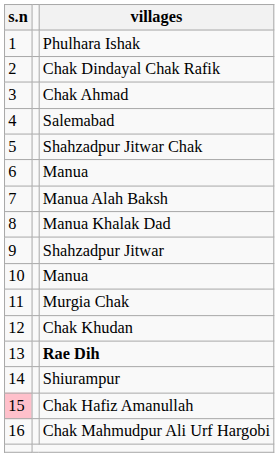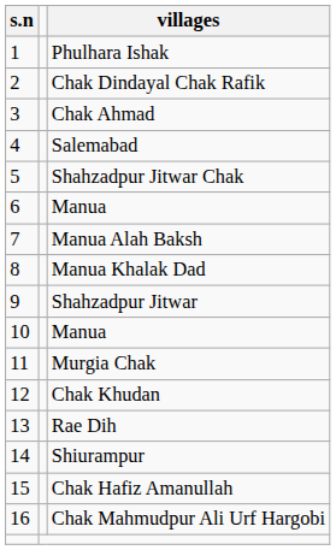 <table class="wikitable">
 <tr>
 <th>s.n</th>
 <td></td>
 <th>villages</th>
 </tr>
 <tr>
 <td>1</td>
 <td></td>
 <td>Phulhara Ishak</td>
 </tr>
 <tr>
 <td>2</td>
 <td></td>
 <td>Chak Dindayal Chak Rafik</td>
 </tr>
 <tr>
 <td>3</td>
 <td></td>
 <td>Chak Ahmad</td>
 </tr>
 <tr>
 <td>4</td>
 <td></td>
 <td>Salemabad</td>
 </tr>
 <tr>
 <td>5</td>
 <td></td>
 <td>Shahzadpur Jitwar Chak</td>
 </tr>
 <tr>
 <td>6</td>
 <td></td>
 <td>Manua</td>
 </tr>
 <tr>
 <td>7</td>
 <td></td>
 <td>Manua Alah Baksh</td>
 </tr>
 <tr>
 <td>8</td>
 <td></td>
 <td>Manua Khalak Dad</td>
 </tr>
 <tr>
 <td>9</td>
 <td></td>
 <td>Shahzadpur Jitwar</td>
 </tr>
 <tr>
 <td>10</td>
 <td></td>
 <td>Manua</td>
 </tr>
 <tr>
 <td>11</td>
 <td></td>
 <td>Murgia Chak</td>
 </tr>
 <tr>
 <td>12</td>
 <td></td>
 <td>Chak Khudan</td>
 </tr>
 <tr>
 <td>13</td>
 <td></td>
-<td><strong>Rae Dih</strong></td>
+<td>Rae Dih</td>
 </tr>
 <tr>
 <td>14</td>
 <td></td>
 <td>Shiurampur</td>
 </tr>
 <tr>
-<td style="background: pink;">15</td>
+<td>15</td>
 <td></td>
 <td>Chak Hafiz Amanullah</td>
 </tr>
 <tr>
 <td>16</td>
 <td></td>
 <td>Chak Mahmudpur Ali Urf Hargobi</td>
 </tr>
 <tr>
 <td></td>
 </tr>
 </table>
